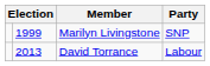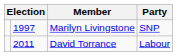 <table class="wikitable">
 <tr>
 <th colspan="2">Election</th>
 <th>Member</th>
 <th>Party</th>
 </tr>
 <tr>
 <td style="background-color: "></td>
-<td><a href='#'>1999</a></td>
+<td><a href='#'>1997</a></td>
 <td><a href='#'>Marilyn Livingstone</a></td>
 <td><a href='#'>SNP</a></td>
 </tr>
 <tr>
 <td rowspan=3 style="background-color: "></td>
-<td><a href='#'>2013</a></td>
+<td><a href='#'>2011</a></td>
 <td><a href='#'>David Torrance</a></td>
 <td><a href='#'>Labour</a></td>
 </tr>
 </table>
